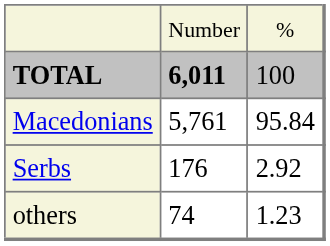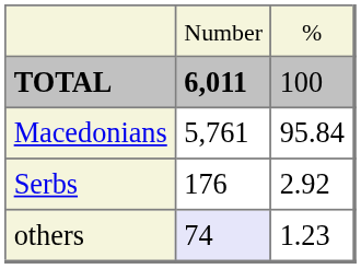 <table border=1 cellpadding=4 cellspacing=0 class="toccolours" style="align: left; margin: 0.5em 0 0 0; border-style: solid; border: 1px solid #7f7f7f; border-right-width: 2px; border-bottom-width: 2px; border-collapse: collapse; font-size: 95%;">
 <tr>
 <td style="background:#F5F5DC;"></td>
 <td style="background:#F5F5DC;" align="center"><small>Number</small></td>
 <td style="background:#F5F5DC;" align="center"><small>%</small></td>
 </tr>
 <tr>
 <td style="background:#c1c1c1;"><strong>TOTAL</strong></td>
 <td style="background:#c1c1c1;"><strong>6,011</strong></td>
 <td style="background:#c1c1c1;">100</td>
 </tr>
 <tr>
 <td style="background:#F5F5DC;"><a href='#'>Macedonians</a></td>
 <td>5,761</td>
 <td>95.84</td>
 </tr>
 <tr>
 <td style="background:#F5F5DC;"><a href='#'>Serbs</a></td>
 <td>176</td>
 <td>2.92</td>
 </tr>
 <tr>
 <td style="background:#F5F5DC;">others</td>
-<td>74</td>
+<td style="background: lavender;">74</td>
 <td>1.23</td>
 </tr>
 </table>
